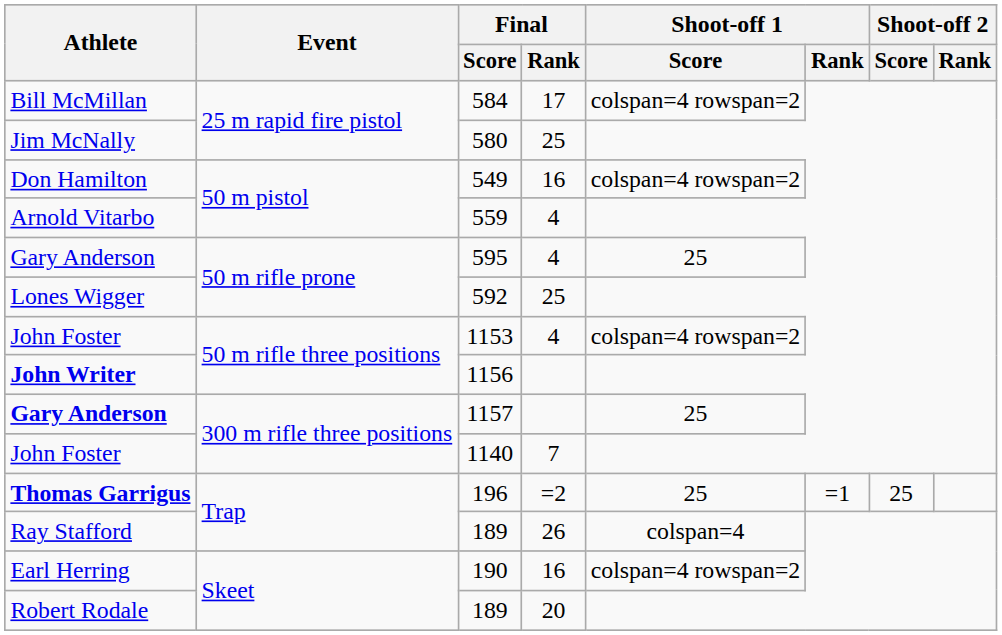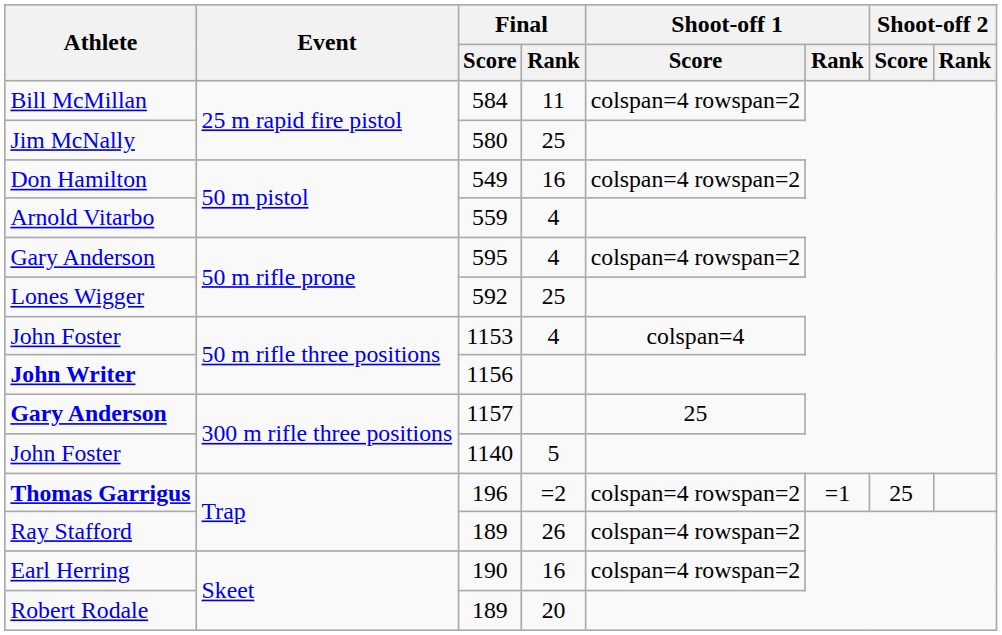 <table class=wikitable style=font-size:90%;text-align:center>
 <tr>
 <th rowspan=2>Athlete</th>
 <th rowspan=2>Event</th>
 <th colspan=2>Final</th>
 <th colspan=2>Shoot-off 1</th>
 <th colspan=2>Shoot-off 2</th>
 </tr>
 <tr style=font-size:95%>
 <th>Score</th>
 <th>Rank</th>
 <th>Score</th>
 <th>Rank</th>
 <th>Score</th>
 <th>Rank</th>
 </tr>
 <tr>
 <td align=left><a href='#'>Bill McMillan</a></td>
 <td align=left rowspan=2><a href='#'>25 m rapid fire pistol</a></td>
 <td>584</td>
-<td>17</td>
+<td>11</td>
 <td>colspan=4 rowspan=2 </td>
 </tr>
 <tr>
 <td align=left><a href='#'>Jim McNally</a></td>
 <td>580</td>
 <td>25</td>
 </tr>
 <tr>
 <td align=left><a href='#'>Don Hamilton</a></td>
 <td align=left rowspan=2><a href='#'>50 m pistol</a></td>
 <td>549</td>
 <td>16</td>
 <td>colspan=4 rowspan=2 </td>
 </tr>
 <tr>
 <td align=left><a href='#'>Arnold Vitarbo</a></td>
 <td>559</td>
 <td>4</td>
 </tr>
 <tr>
 <td align=left><a href='#'>Gary Anderson</a></td>
 <td align=left rowspan=2><a href='#'>50 m rifle prone</a></td>
 <td>595</td>
 <td>4</td>
-<td>25</td>
+<td>colspan=4 rowspan=2 </td>
 </tr>
 <tr>
 <td align=left><a href='#'>Lones Wigger</a></td>
 <td>592</td>
 <td>25</td>
 </tr>
 <tr>
 <td align=left><a href='#'>John Foster</a></td>
 <td align=left rowspan=2><a href='#'>50 m rifle three positions</a></td>
 <td>1153</td>
 <td>4</td>
-<td>colspan=4 rowspan=2 </td>
+<td>colspan=4 </td>
 </tr>
 <tr>
 <td align=left><strong><a href='#'>John Writer</a></strong></td>
 <td>1156</td>
 <td></td>
 </tr>
 <tr>
 <td align=left><strong><a href='#'>Gary Anderson</a></strong></td>
 <td align=left rowspan=2><a href='#'>300 m rifle three positions</a></td>
 <td>1157 </td>
 <td></td>
 <td>25</td>
 </tr>
 <tr>
 <td align=left><a href='#'>John Foster</a></td>
 <td>1140</td>
-<td>7</td>
+<td>5</td>
 </tr>
 <tr>
 <td align=left><strong><a href='#'>Thomas Garrigus</a></strong></td>
 <td align=left rowspan=2><a href='#'>Trap</a></td>
 <td>196</td>
 <td>=2</td>
-<td>25</td>
+<td>colspan=4 rowspan=2 </td>
 <td>=1</td>
 <td>25</td>
 <td></td>
 </tr>
 <tr>
 <td align=left><a href='#'>Ray Stafford</a></td>
 <td>189</td>
 <td>26</td>
-<td>colspan=4 </td>
+<td>colspan=4 rowspan=2 </td>
 </tr>
 <tr>
 <td align=left><a href='#'>Earl Herring</a></td>
 <td align=left rowspan=2><a href='#'>Skeet</a></td>
 <td>190</td>
 <td>16</td>
 <td>colspan=4 rowspan=2 </td>
 </tr>
 <tr>
 <td align=left><a href='#'>Robert Rodale</a></td>
 <td>189</td>
 <td>20</td>
 </tr>
 </table>
